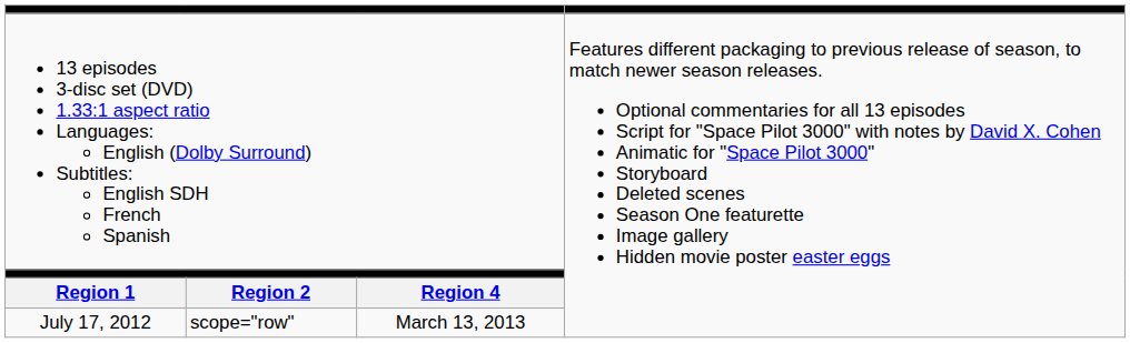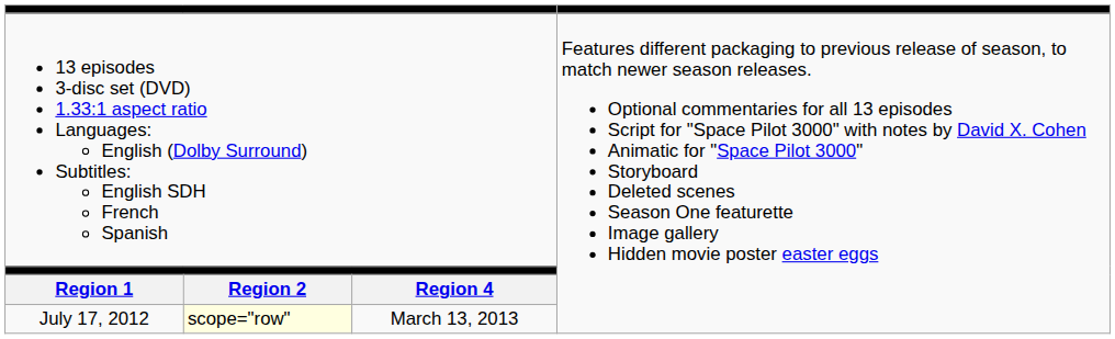 <table class="wikitable" style="width:60em;">
 <tr>
 <th style="background-color:#000000;" scope="col" colspan="3" width="50%"></th>
 <th style="background-color:#000000;" scope="col" width="50%"></th>
 </tr>
 <tr>
 <td valign="top" colspan="3" scope="row"><br><ul><li>13 episodes</li><li>3-disc set (DVD)</li><li><a href='#'>1.33:1 aspect ratio</a></li><li>Languages:<ul><li>English (<a href='#'>Dolby Surround</a>)</li></ul></li><li>Subtitles:<ul><li>English SDH</li><li>French</li><li>Spanish</li></ul></li></ul></td>
 <td valign="top" rowspan="4" scope="row"><br>Features different packaging to previous release of season, to match newer season releases.<ul><li>Optional commentaries for all 13 episodes</li><li>Script for "Space Pilot 3000" with notes by <a href='#'>David X. Cohen</a></li><li>Animatic for "<a href='#'>Space Pilot 3000</a>"</li><li>Storyboard</li><li>Deleted scenes</li><li>Season One featurette</li><li>Image gallery</li><li>Hidden movie poster <a href='#'>easter eggs</a></li></ul></td>
 </tr>
 <tr>
 <th style="background-color:#000000;" scope="col" colspan="3"></th>
 </tr>
 <tr>
 <th scope="col"><a href='#'>Region 1</a></th>
 <th scope="col"><a href='#'>Region 2</a></th>
 <th scope="col"><a href='#'>Region 4</a></th>
 </tr>
 <tr>
 <td scope="row" align="center">July 17, 2012</td>
-<td>scope="row" </td>
+<td style="background: lightyellow;">scope="row" </td>
 <td scope="row" align="center">March 13, 2013</td>
 </tr>
 </table>
